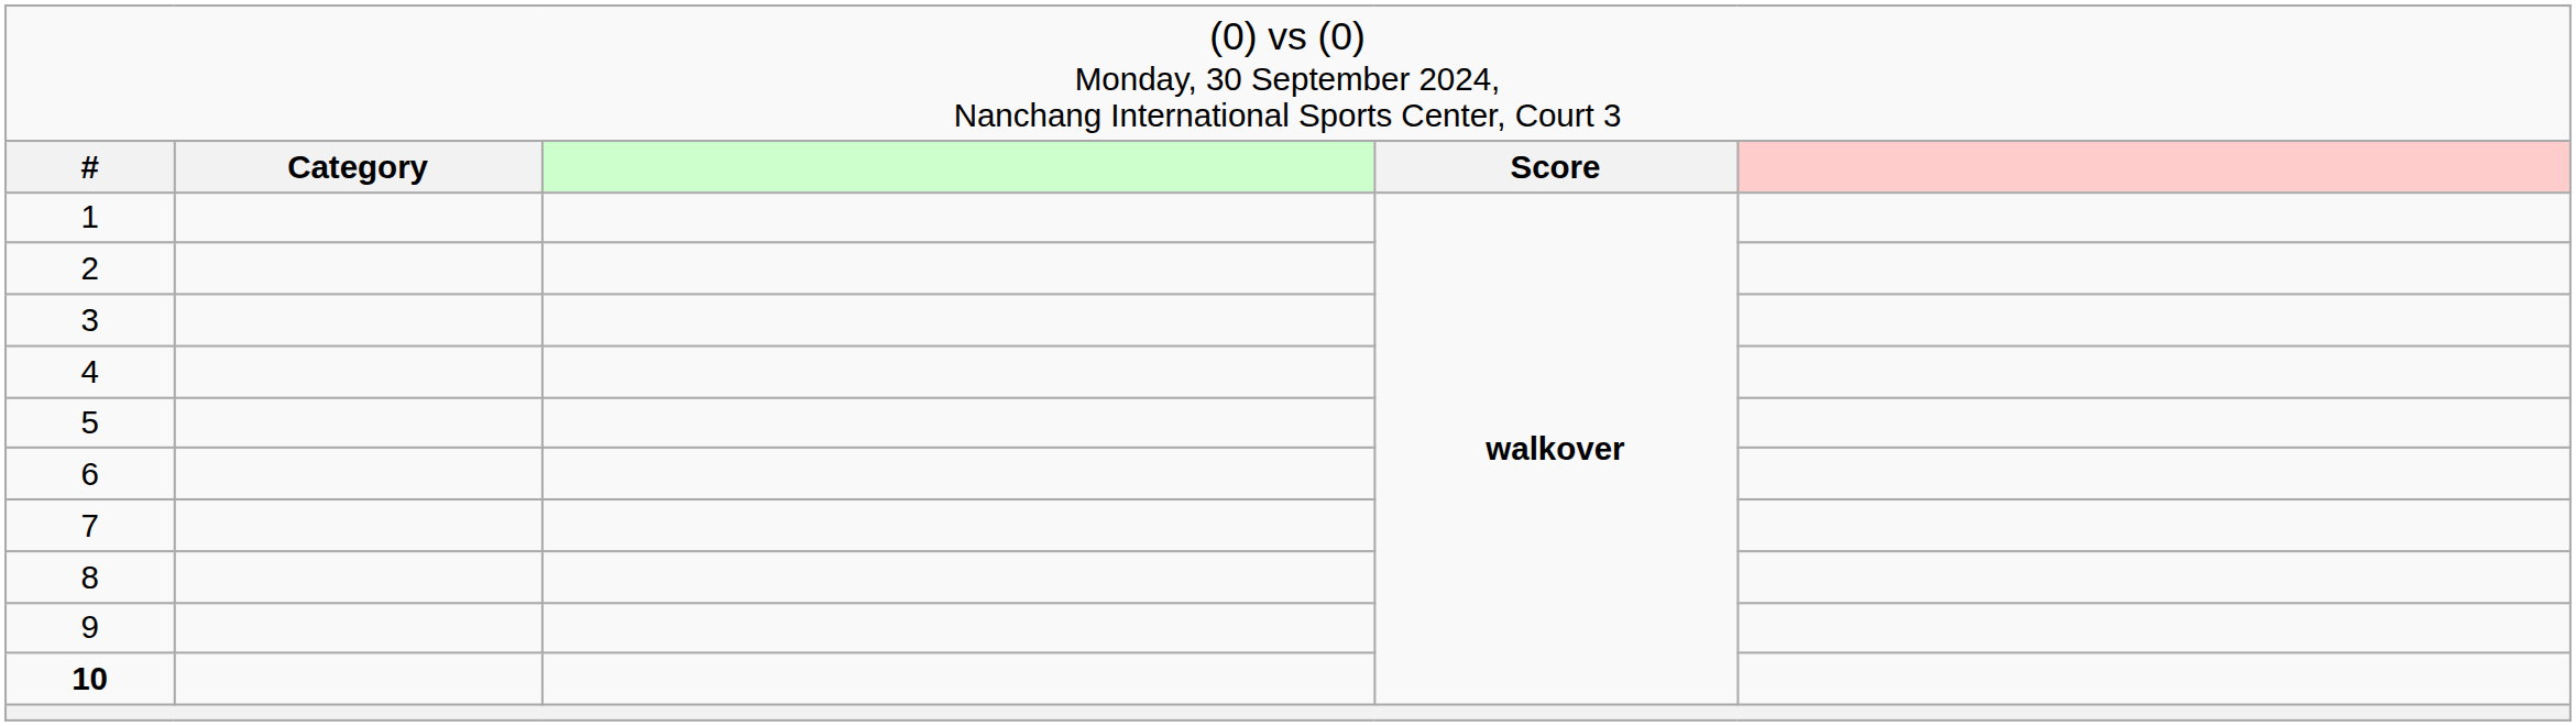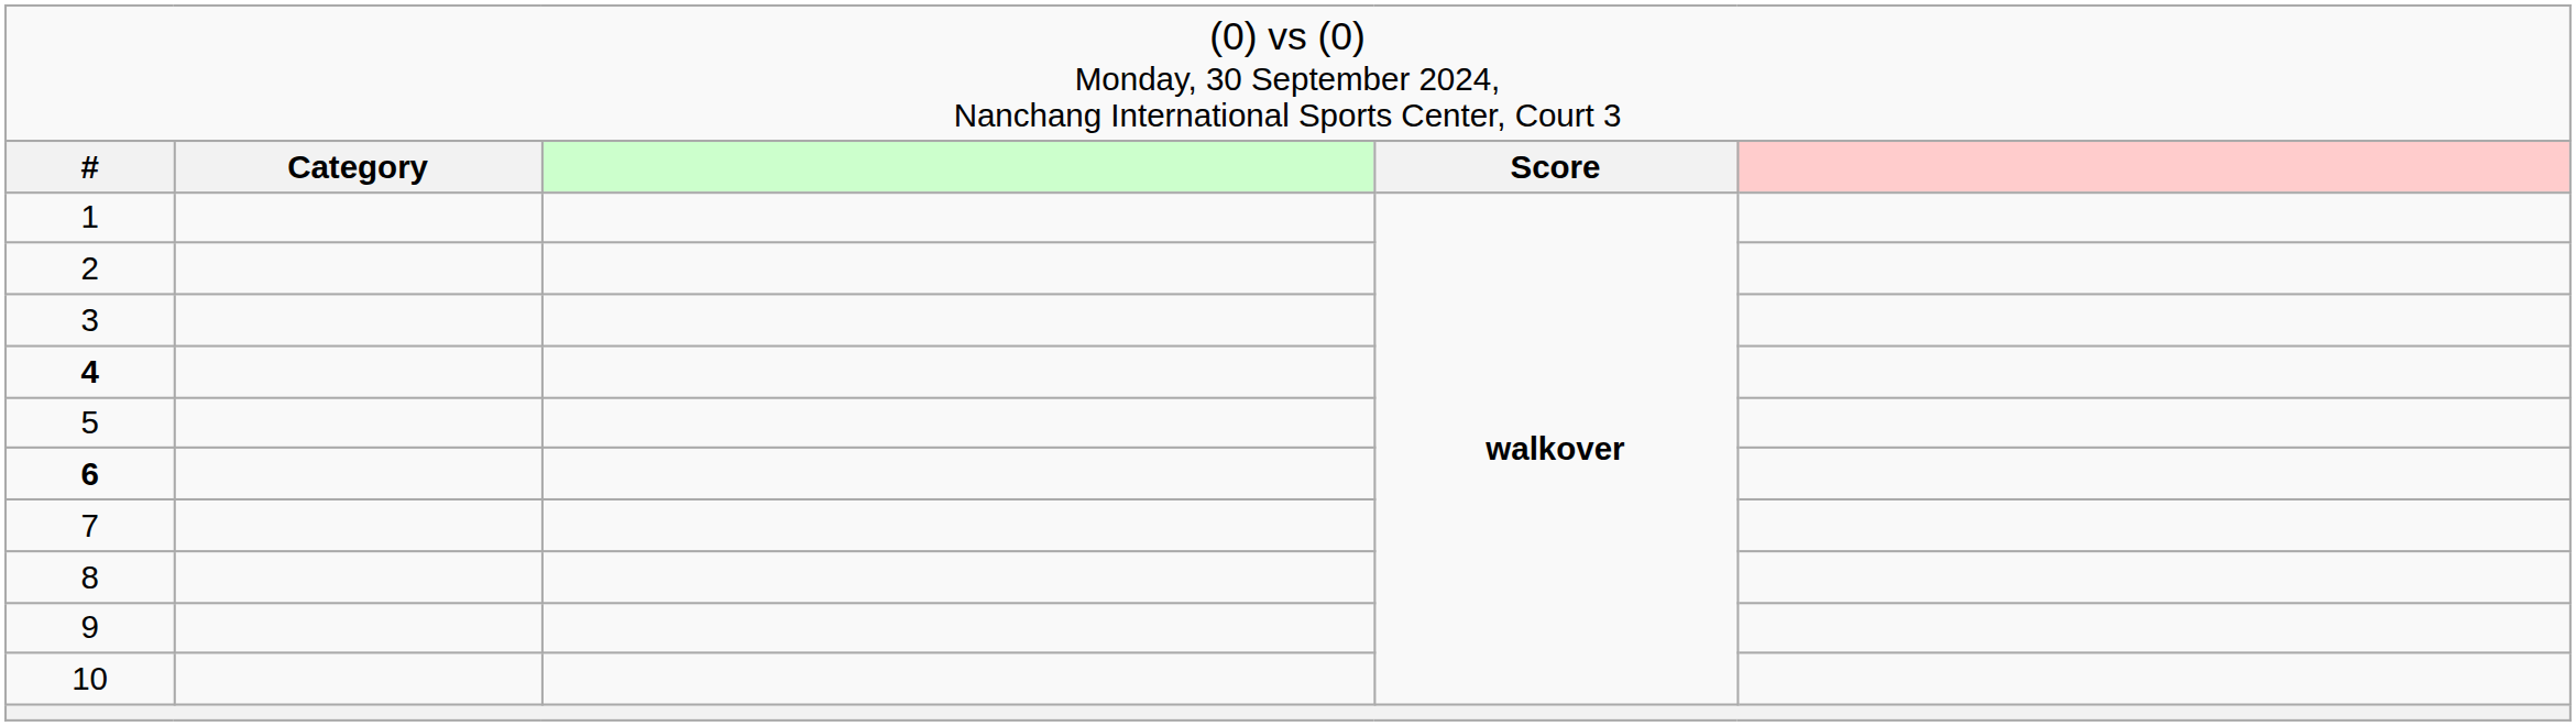 <table class="wikitable mw-collapsible mw-collapsed" style="font-size:90%; text-align:center" width="90%">
 <tr>
 <td colspan="5"><big>(0) <strong></strong> vs  (0)</big><br>Monday, 30 September 2024, <br>Nanchang International Sports Center, Court 3</td>
 </tr>
 <tr>
 <th width="25">#</th>
 <th width="50">Category</th>
 <th style="background-color:#CCFFCC" width="150"></th>
 <th width="50">Score<br></th>
 <th style="background-color:#FFCCCC" width="150"></th>
 </tr>
 <tr>
 <td>1</td>
 <td></td>
 <td align="right"></td>
 <td rowspan="10"><strong>walkover</strong></td>
 <td align="left"></td>
 </tr>
 <tr>
 <td>2</td>
 <td></td>
 <td align="right"></td>
 <td align="left"></td>
 </tr>
 <tr>
 <td>3</td>
 <td></td>
 <td align="right"></td>
 <td align="left"></td>
 </tr>
 <tr>
-<td>4</td>
+<td><strong>4</strong></td>
 <td></td>
 <td align="right"></td>
 <td align="left"></td>
 </tr>
 <tr>
 <td>5</td>
 <td></td>
 <td align="right"></td>
 <td align="left"></td>
 </tr>
 <tr>
-<td>6</td>
+<td><strong>6</strong></td>
 <td></td>
 <td align="right"></td>
 <td align="left"></td>
 </tr>
 <tr>
 <td>7</td>
 <td></td>
 <td align="right"></td>
 <td align="left"></td>
 </tr>
 <tr>
 <td>8</td>
 <td></td>
 <td align="right"></td>
 <td align="left"></td>
 </tr>
 <tr>
 <td>9</td>
 <td></td>
 <td align="right"></td>
 <td align="left"></td>
 </tr>
 <tr>
-<td><strong>10</strong></td>
+<td>10</td>
 <td></td>
 <td align="right"></td>
 <td align="left"></td>
 </tr>
 <tr>
 <th colspan="5"></th>
 </tr>
 </table>
